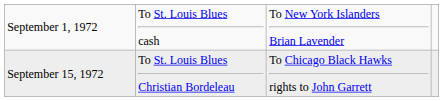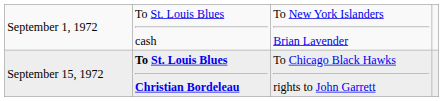 <table class="wikitable" style="border:1px solid #999; width:580px;">
 <tr>
 <td>September 1, 1972</td>
 <td valign="top">To <a href='#'>St. Louis Blues</a><hr>cash</td>
 <td valign="top">To <a href='#'>New York Islanders</a><hr><a href='#'>Brian Lavender</a></td>
 <td></td>
 </tr>
 <tr bgcolor="eeeeee">
 <td>September 15, 1972</td>
-<td valign="top">To <a href='#'>St. Louis Blues</a><hr><a href='#'>Christian Bordeleau</a></td>
+<td valign="top"><strong>To <a href='#'>St. Louis Blues</a><hr><a href='#'>Christian Bordeleau</a></strong></td>
 <td valign="top">To <a href='#'>Chicago Black Hawks</a><hr>rights to <a href='#'>John Garrett</a></td>
 <td></td>
 </tr>
 </table>
